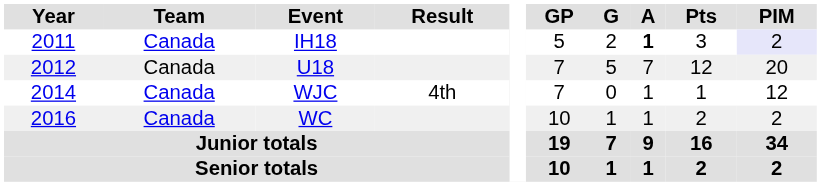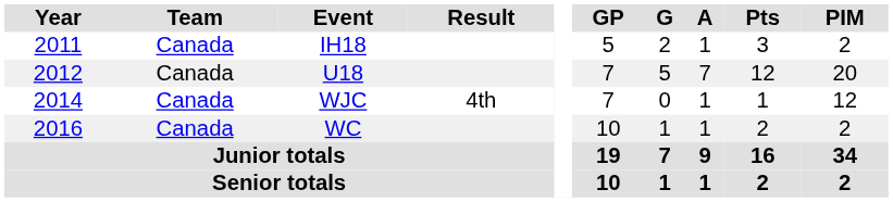 <table border="0" cellpadding="1" cellspacing="0" style="text-align:center; width:40em;">
 <tr bgcolor="#e0e0e0">
 <th>Year</th>
 <th>Team</th>
 <th>Event</th>
 <th>Result</th>
 <th rowspan="99" bgcolor="#ffffff"> </th>
 <th>GP</th>
 <th>G</th>
 <th>A</th>
 <th>Pts</th>
 <th>PIM</th>
 </tr>
 <tr>
 <td><a href='#'>2011</a></td>
 <td><a href='#'>Canada</a></td>
 <td><a href='#'>IH18</a></td>
 <td></td>
 <td>5</td>
 <td>2</td>
-<td><strong>1</strong></td>
+<td>1</td>
 <td>3</td>
-<td style="background: lavender;">2</td>
+<td>2</td>
 </tr>
 <tr bgcolor="#f0f0f0">
 <td><a href='#'>2012</a></td>
 <td>Canada</td>
 <td><a href='#'>U18</a></td>
 <td></td>
 <td>7</td>
 <td>5</td>
 <td>7</td>
 <td>12</td>
 <td>20</td>
 </tr>
 <tr>
 <td><a href='#'>2014</a></td>
 <td><a href='#'>Canada</a></td>
 <td><a href='#'>WJC</a></td>
 <td>4th</td>
 <td>7</td>
 <td>0</td>
 <td>1</td>
 <td>1</td>
 <td>12</td>
 </tr>
 <tr bgcolor="#f0f0f0">
 <td><a href='#'>2016</a></td>
 <td><a href='#'>Canada</a></td>
 <td><a href='#'>WC</a></td>
 <td></td>
 <td>10</td>
 <td>1</td>
 <td>1</td>
 <td>2</td>
 <td>2</td>
 </tr>
 <tr bgcolor="#e0e0e0">
 <th colspan=4>Junior totals</th>
 <th>19</th>
 <th>7</th>
 <th>9</th>
 <th>16</th>
 <th>34</th>
 </tr>
 <tr bgcolor="#e0e0e0">
 <th colspan=4>Senior totals</th>
 <th>10</th>
 <th>1</th>
 <th>1</th>
 <th>2</th>
 <th>2</th>
 </tr>
 </table>
